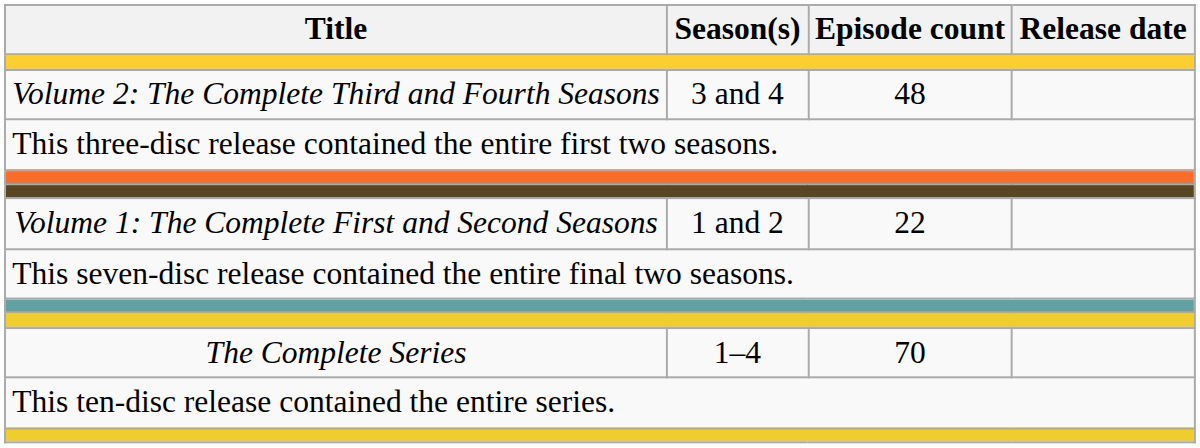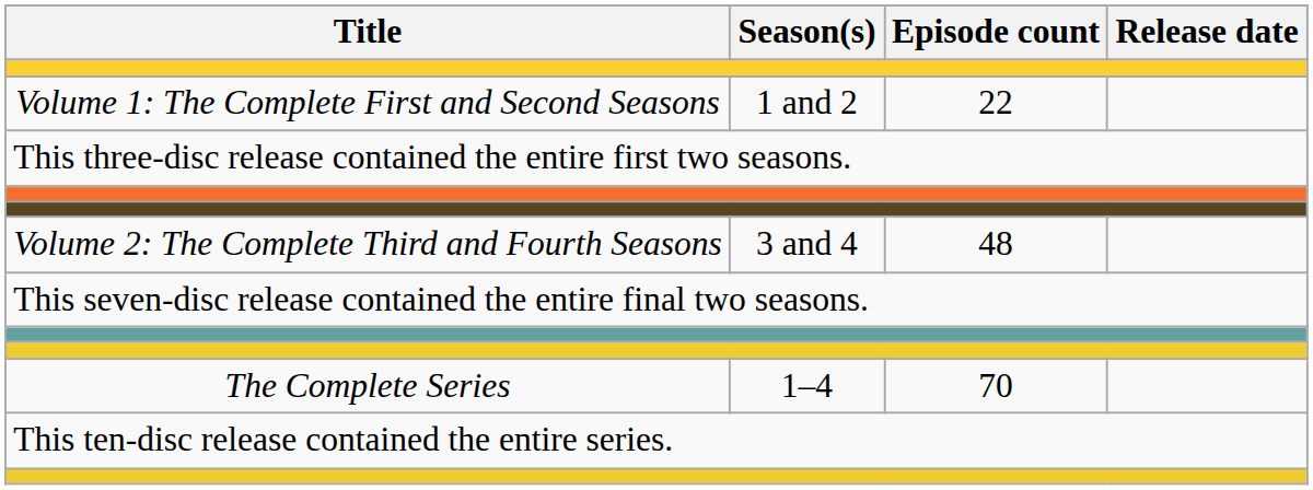 <table class="wikitable">
 <tr>
 <th>Title</th>
 <th>Season(s)</th>
 <th>Episode count</th>
 <th>Release date</th>
 </tr>
 <tr>
 <td colspan=4 style="background:#fdce30"></td>
 </tr>
 <tr>
-<td style="text-align: center"><em>Volume 2: The Complete Third and Fourth Seasons</em></td>
-<td style="text-align: center">3 and 4</td>
-<td style="text-align: center">48</td>
+<td style="text-align: center"><em>Volume 1: The Complete First and Second Seasons</em></td>
+<td style="text-align: center">1 and 2</td>
+<td style="text-align: center">22</td>
 <td style="text-align: center"></td>
 </tr>
 <tr>
 <td colspan=4>This three-disc release contained the entire first two seasons.</td>
 </tr>
 <tr>
 <td colspan=4 style="background:#F66E2A"></td>
 </tr>
 <tr>
 <td colspan=4 style="background:#584522"></td>
 </tr>
 <tr>
-<td style="text-align: center"><em>Volume 1: The Complete First and Second Seasons</em></td>
-<td style="text-align: center">1 and 2</td>
-<td style="text-align: center">22</td>
+<td style="text-align: center"><em>Volume 2: The Complete Third and Fourth Seasons</em></td>
+<td style="text-align: center">3 and 4</td>
+<td style="text-align: center">48</td>
 <td style="text-align: center"></td>
 </tr>
 <tr>
 <td colspan=4>This seven-disc release contained the entire final two seasons.</td>
 </tr>
 <tr>
 <td colspan=4 style="background:#61A1A1"></td>
 </tr>
 <tr>
 <td colspan=4 style="background:#efcd2e"></td>
 </tr>
 <tr>
 <td style="text-align: center"><em>The Complete Series</em></td>
 <td style="text-align: center">1–4</td>
 <td style="text-align: center">70</td>
 <td style="text-align: center"></td>
 </tr>
 <tr>
 <td colspan=4>This ten-disc release contained the entire series.</td>
 </tr>
 <tr>
 <td colspan=4 style="background:#efcd2e"></td>
 </tr>
 </table>
